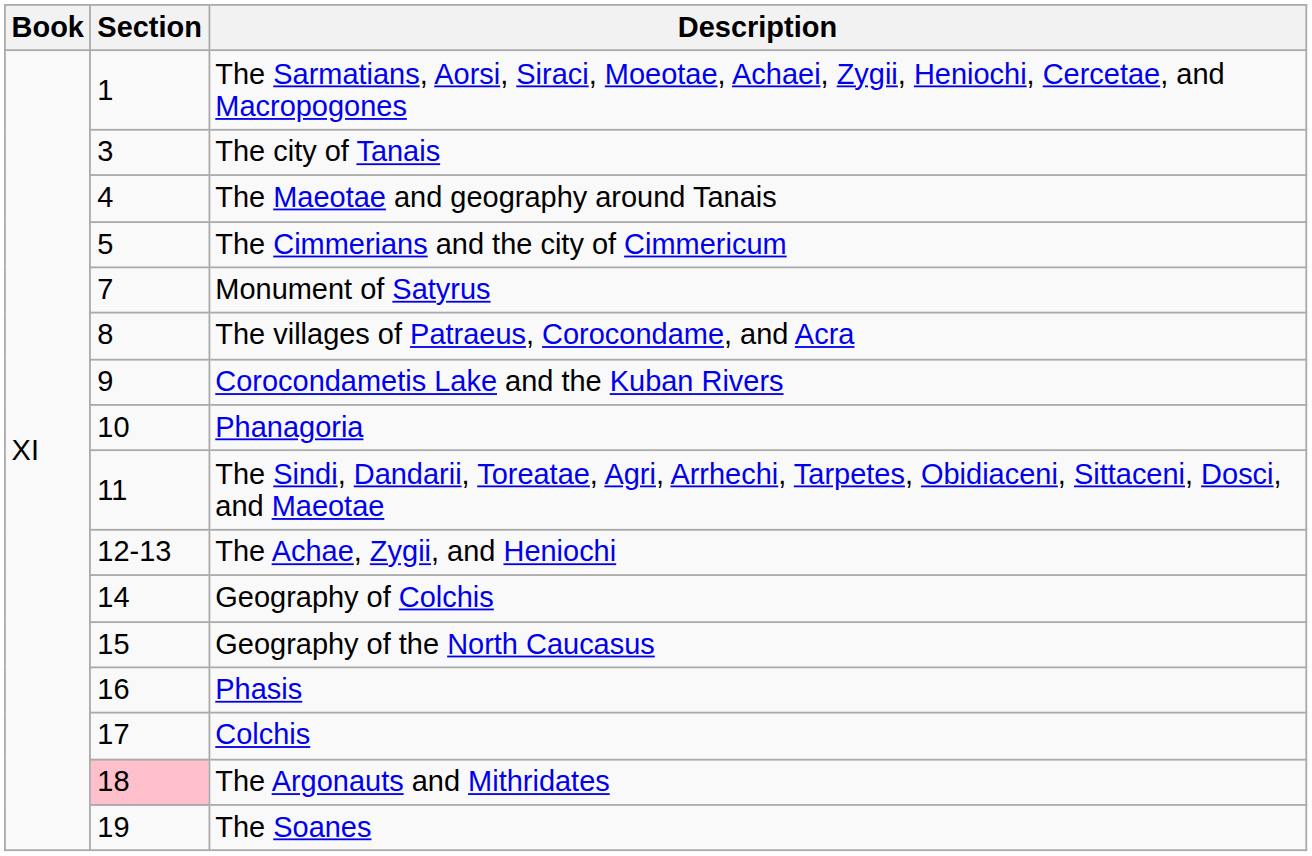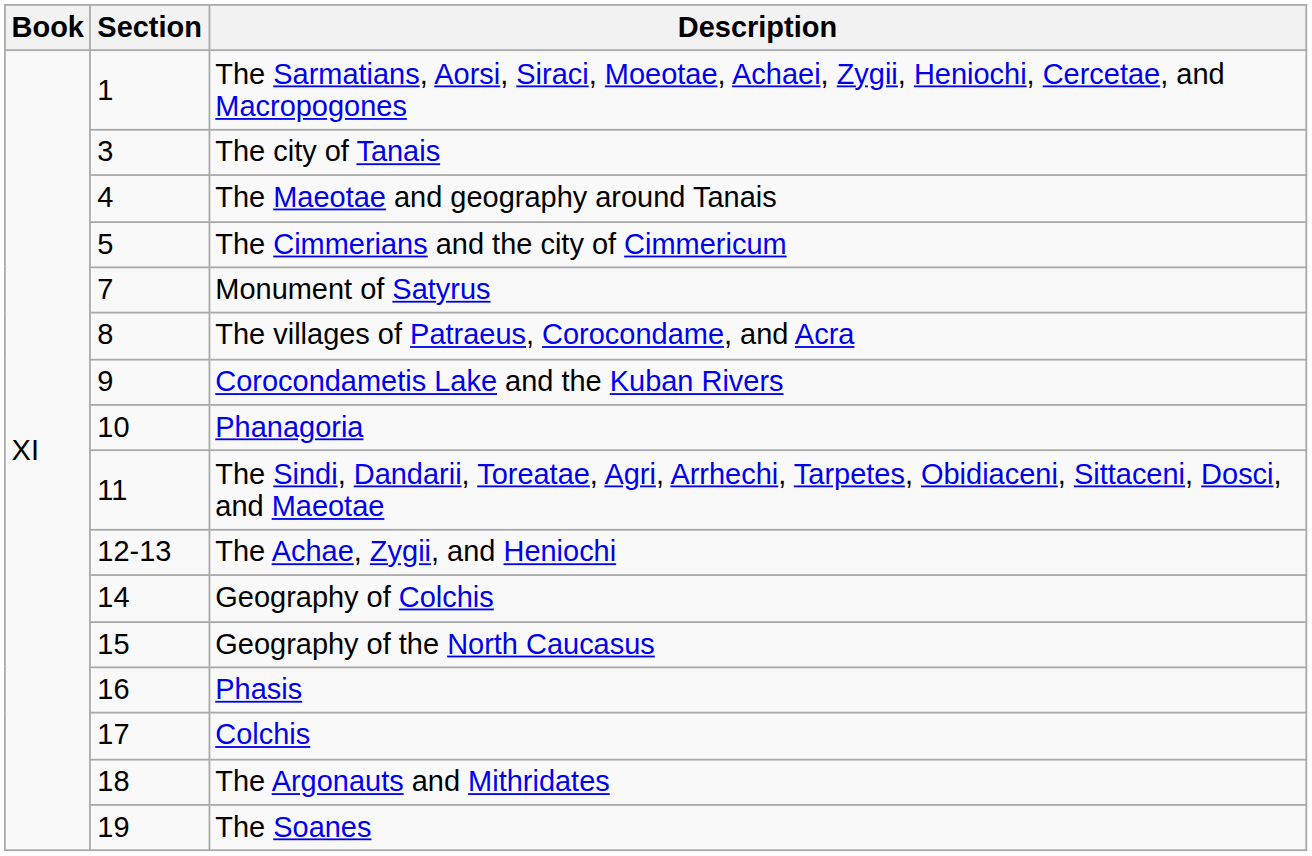 <table class="wikitable" style="max-width:45em;">
 <tr>
 <th>Book</th>
 <th>Section</th>
 <th>Description</th>
 </tr>
 <tr>
 <td rowspan="16">XI</td>
 <td>1</td>
 <td>The <a href='#'>Sarmatians</a>, <a href='#'>Aorsi</a>, <a href='#'>Siraci</a>, <a href='#'>Moeotae</a>, <a href='#'>Achaei</a>, <a href='#'>Zygii</a>, <a href='#'>Heniochi</a>, <a href='#'>Cercetae</a>, and <a href='#'>Macropogones</a></td>
 </tr>
 <tr>
 <td>3</td>
 <td>The city of <a href='#'>Tanais</a></td>
 </tr>
 <tr>
 <td>4</td>
 <td>The  <a href='#'>Maeotae</a> and geography around Tanais</td>
 </tr>
 <tr>
 <td>5</td>
 <td>The <a href='#'>Cimmerians</a> and the city of <a href='#'>Cimmericum</a></td>
 </tr>
 <tr>
 <td>7</td>
 <td>Monument of <a href='#'>Satyrus</a></td>
 </tr>
 <tr>
 <td>8</td>
 <td>The villages of <a href='#'>Patraeus</a>, <a href='#'>Corocondame</a>, and <a href='#'>Acra</a></td>
 </tr>
 <tr>
 <td>9</td>
 <td><a href='#'>Corocondametis Lake</a> and the <a href='#'>Kuban Rivers</a></td>
 </tr>
 <tr>
 <td>10</td>
 <td><a href='#'>Phanagoria</a></td>
 </tr>
 <tr>
 <td>11</td>
 <td>The <a href='#'>Sindi</a>, <a href='#'>Dandarii</a>, <a href='#'>Toreatae</a>, <a href='#'>Agri</a>, <a href='#'>Arrhechi</a>, <a href='#'>Tarpetes</a>, <a href='#'>Obidiaceni</a>, <a href='#'>Sittaceni</a>, <a href='#'>Dosci</a>, and <a href='#'>Maeotae</a></td>
 </tr>
 <tr>
 <td>12-13</td>
 <td>The <a href='#'>Achae</a>, <a href='#'>Zygii</a>, and <a href='#'>Heniochi</a></td>
 </tr>
 <tr>
 <td>14</td>
 <td>Geography of <a href='#'>Colchis</a></td>
 </tr>
 <tr>
 <td>15</td>
 <td>Geography of the <a href='#'>North Caucasus</a></td>
 </tr>
 <tr>
 <td>16</td>
 <td><a href='#'>Phasis</a></td>
 </tr>
 <tr>
 <td>17</td>
 <td><a href='#'>Colchis</a></td>
 </tr>
 <tr>
-<td style="background: pink;">18</td>
+<td>18</td>
 <td>The <a href='#'>Argonauts</a> and <a href='#'>Mithridates</a></td>
 </tr>
 <tr>
 <td>19</td>
 <td>The <a href='#'>Soanes</a></td>
 </tr>
 </table>
